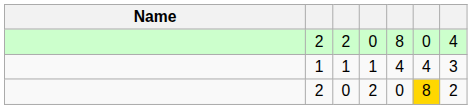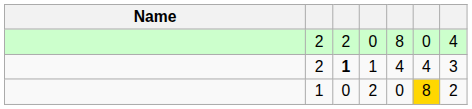 <table class=wikitable style="text-align:center">
 <tr>
 <th width=300>Name</th>
 <th width=20></th>
 <th width=20></th>
 <th width=20></th>
 <th width=20></th>
 <th width=20></th>
 <th width=20></th>
 </tr>
 <tr style="background-color:#ccffcc;">
 <td style="text-align:left;"></td>
 <td>2</td>
 <td>2</td>
 <td>0</td>
 <td>8</td>
 <td>0</td>
 <td>4</td>
 </tr>
 <tr>
 <td style="text-align:left;"></td>
-<td>1</td>
-<td>1</td>
+<td>2</td>
+<td><strong>1</strong></td>
 <td>1</td>
 <td>4</td>
 <td>4</td>
 <td>3</td>
 </tr>
 <tr>
 <td style="text-align:left;"></td>
-<td>2</td>
+<td>1</td>
 <td>0</td>
 <td>2</td>
 <td>0</td>
 <td style="background: gold;">8</td>
 <td>2</td>
 </tr>
 </table>
